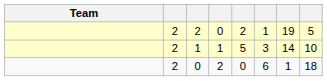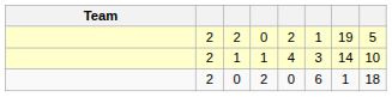 <table class="wikitable" style="text-align:center;">
 <tr>
 <th width=220>Team</th>
 <th width=25></th>
 <th width=25></th>
 <th width=25></th>
 <th width=25></th>
 <th width=25></th>
 <th width=25></th>
 <th width=25></th>
 </tr>
 <tr style="background:#ffffcc;">
 <td style="text-align:left;"></td>
 <td>2</td>
 <td>2</td>
 <td>0</td>
 <td>2</td>
 <td>1</td>
 <td>19</td>
 <td>5</td>
 </tr>
 <tr style="background:#ffffcc;">
 <td style="text-align:left;"></td>
 <td>2</td>
 <td>1</td>
 <td>1</td>
-<td>5</td>
+<td>4</td>
 <td>3</td>
 <td>14</td>
 <td>10</td>
 </tr>
 <tr>
 <td style="text-align:left;"></td>
 <td>2</td>
 <td>0</td>
 <td>2</td>
 <td>0</td>
 <td>6</td>
 <td>1</td>
 <td>18</td>
 </tr>
 </table>
